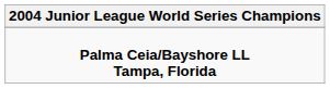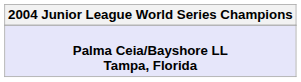 <table class="wikitable" style="text-align: center; margin: 0 auto;">
 <tr>
 <th>2004 Junior League World Series Champions</th>
 </tr>
 <tr>
 </tr>
 <tr>
-<td><br><strong>Palma Ceia/Bayshore LL</strong><br><strong>Tampa, Florida</strong></td>
+<td style="background: lavender;"><br><strong>Palma Ceia/Bayshore LL</strong><br><strong>Tampa, Florida</strong></td>
 </tr>
 </table>
